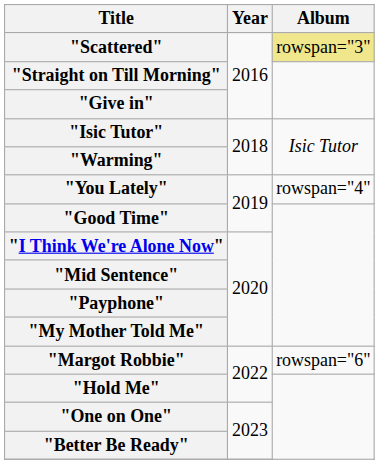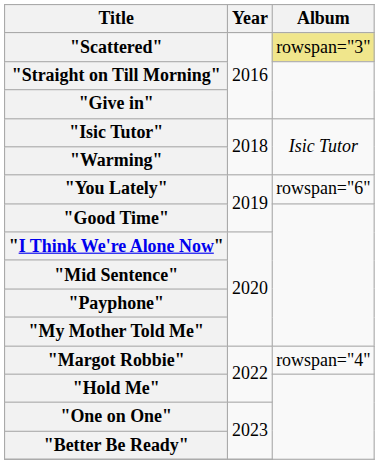 <table class="wikitable plainrowheaders" style="text-align:center;">
 <tr>
 <th>Title</th>
 <th>Year</th>
 <th>Album</th>
 </tr>
 <tr>
 <th scope="row">"Scattered"</th>
 <td rowspan="3">2016</td>
 <td style="background: khaki;">rowspan="3" </td>
 </tr>
 <tr>
 <th scope="row">"Straight on Till Morning"</th>
 </tr>
 <tr>
 <th scope="row">"Give in"<br></th>
 </tr>
 <tr>
 <th scope="row">"Isic Tutor"</th>
 <td rowspan="2">2018</td>
 <td rowspan="2"><em>Isic Tutor</em></td>
 </tr>
 <tr>
 <th scope="row">"Warming"</th>
 </tr>
 <tr>
 <th scope="row">"You Lately"</th>
 <td rowspan="2">2019</td>
-<td>rowspan="4" </td>
+<td>rowspan="6" </td>
 </tr>
 <tr>
 <th scope="row">"Good Time"</th>
 </tr>
 <tr>
 <th scope="row">"<a href='#'>I Think We're Alone Now</a>"<br></th>
 <td rowspan="4">2020</td>
 </tr>
 <tr>
 <th scope="row">"Mid Sentence"<br></th>
 </tr>
 <tr>
 <th scope="row">"Payphone"</th>
 </tr>
 <tr>
 <th scope="row">"My Mother Told Me"</th>
 </tr>
 <tr>
 <th scope="row">"Margot Robbie"<br></th>
 <td rowspan="2">2022</td>
-<td>rowspan="6" </td>
+<td>rowspan="4" </td>
 </tr>
 <tr>
 <th scope="row">"Hold Me"<br></th>
 </tr>
 <tr>
 <th scope="row">"One on One"<br></th>
 <td rowspan="2">2023</td>
 </tr>
 <tr>
 <th scope="row">"Better Be Ready"<br></th>
 </tr>
 <tr>
 </tr>
 </table>
